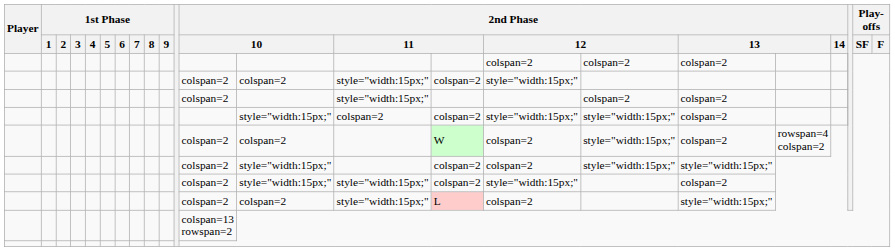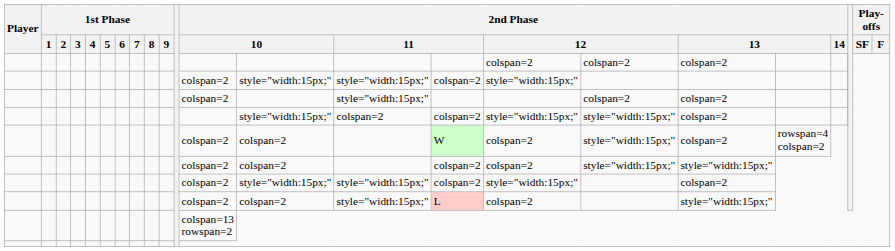 <table class="wikitable">
 <tr>
 <th rowspan=2>Player</th>
 <th colspan=9>1st Phase</th>
 <th rowspan=12></th>
 <th colspan=10>2nd Phase</th>
 <th rowspan=10></th>
 <th colspan=2>Play-offs</th>
 </tr>
 <tr>
 <th style="width:15px;">1</th>
 <th style="width:15px;">2</th>
 <th style="width:15px;">3</th>
 <th style="width:15px;">4</th>
 <th style="width:15px;">5</th>
 <th style="width:15px;">6</th>
 <th style="width:15px;">7</th>
 <th style="width:15px;">8</th>
 <th style="width:15px;">9</th>
 <th colspan=2>10</th>
 <th colspan=2>11</th>
 <th colspan=2>12</th>
 <th colspan=2>13</th>
 <th colspan=2>14</th>
 <th style="width:20px;">SF</th>
 <th style="width:20px;">F</th>
 </tr>
 <tr>
 <td> </td>
 <td></td>
 <td></td>
 <td></td>
 <td></td>
 <td></td>
 <td></td>
 <td></td>
 <td></td>
 <td></td>
 <td></td>
 <td></td>
 <td></td>
 <td></td>
 <td>colspan=2 </td>
 <td>colspan=2 </td>
 <td>colspan=2 </td>
 <td></td>
 <td></td>
 </tr>
 <tr>
 <td></td>
 <td></td>
 <td></td>
 <td></td>
 <td></td>
 <td></td>
 <td></td>
 <td></td>
 <td></td>
 <td></td>
 <td>colspan=2 </td>
-<td>colspan=2 </td>
+<td>style="width:15px;" </td>
 <td>style="width:15px;" </td>
 <td>colspan=2 </td>
 <td>style="width:15px;" </td>
 <td></td>
 <td></td>
 <td></td>
 <td></td>
 </tr>
 <tr>
 <td> </td>
 <td></td>
 <td></td>
 <td></td>
 <td></td>
 <td></td>
 <td></td>
 <td></td>
 <td></td>
 <td></td>
 <td>colspan=2 </td>
 <td></td>
 <td>style="width:15px;" </td>
 <td></td>
 <td></td>
 <td>colspan=2 </td>
 <td>colspan=2 </td>
 <td></td>
 <td></td>
 </tr>
 <tr>
 <td> </td>
 <td></td>
 <td></td>
 <td></td>
 <td></td>
 <td></td>
 <td></td>
 <td></td>
 <td></td>
 <td></td>
 <td></td>
 <td>style="width:15px;" </td>
 <td>colspan=2 </td>
 <td>colspan=2 </td>
 <td>style="width:15px;" </td>
 <td>style="width:15px;" </td>
 <td>colspan=2 </td>
 <td></td>
 <td></td>
 </tr>
 <tr>
 <td> </td>
 <td></td>
 <td></td>
 <td></td>
 <td></td>
 <td></td>
 <td></td>
 <td></td>
 <td></td>
 <td></td>
 <td>colspan=2 </td>
 <td>colspan=2 </td>
 <td></td>
 <td style="width:15px;" bgcolor="#ccffcc">W</td>
 <td>colspan=2 </td>
 <td>style="width:15px;" </td>
 <td>colspan=2 </td>
 <td>rowspan=4 colspan=2 </td>
 </tr>
 <tr>
 <td> </td>
 <td></td>
 <td></td>
 <td></td>
 <td></td>
 <td></td>
 <td></td>
 <td></td>
 <td></td>
 <td></td>
 <td>colspan=2 </td>
-<td>style="width:15px;" </td>
+<td>colspan=2 </td>
 <td></td>
 <td>colspan=2 </td>
 <td>colspan=2 </td>
 <td>style="width:15px;" </td>
 <td>style="width:15px;" </td>
 </tr>
 <tr>
 <td> </td>
 <td></td>
 <td></td>
 <td></td>
 <td></td>
 <td></td>
 <td></td>
 <td></td>
 <td></td>
 <td></td>
 <td>colspan=2 </td>
 <td>style="width:15px;" </td>
 <td>style="width:15px;" </td>
 <td>colspan=2 </td>
 <td>style="width:15px;" </td>
 <td></td>
 <td>colspan=2 </td>
 </tr>
 <tr>
 <td> </td>
 <td></td>
 <td></td>
 <td></td>
 <td></td>
 <td></td>
 <td></td>
 <td></td>
 <td></td>
 <td></td>
 <td>colspan=2 </td>
 <td>colspan=2 </td>
 <td>style="width:15px;" </td>
 <td style="width:15px;" bgcolor="#ffcccc">L</td>
 <td>colspan=2 </td>
 <td></td>
 <td>style="width:15px;" </td>
 </tr>
 <tr>
 <td> </td>
 <td></td>
 <td></td>
 <td></td>
 <td></td>
 <td></td>
 <td></td>
 <td></td>
 <td></td>
 <td></td>
 <td>colspan=13 rowspan=2 </td>
 </tr>
 <tr>
 <td> </td>
 <td></td>
 <td></td>
 <td></td>
 <td></td>
 <td></td>
 <td></td>
 <td></td>
 <td></td>
 <td></td>
 </tr>
 </table>
